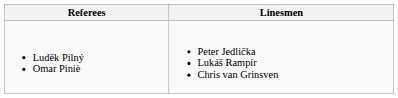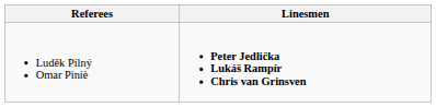 <table class="wikitable" width=600px>
 <tr>
 <th>Referees</th>
 <th>Linesmen</th>
 </tr>
 <tr>
 <td><br><ul><li> Luděk Pilný</li><li> Omar Piniè</li></ul></td>
-<td><br><ul><li> Peter Jedlička</li><li> Lukáš Rampír</li><li> Chris van Grinsven</li></ul></td>
+<td><strong><br><ul><li> Peter Jedlička</li><li> Lukáš Rampír</li><li> Chris van Grinsven</li></ul></strong></td>
 </tr>
 </table>
